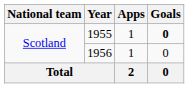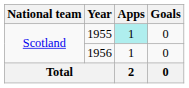 <table class="wikitable" style="text-align:center">
 <tr>
 <th>National team</th>
 <th>Year</th>
 <th>Apps</th>
 <th>Goals</th>
 </tr>
 <tr>
 <td rowspan="2"><a href='#'>Scotland</a></td>
 <td>1955</td>
-<td>1</td>
-<td><strong>0</strong></td>
+<td style="background: paleturquoise;">1</td>
+<td>0</td>
 </tr>
 <tr>
 <td>1956</td>
 <td>1</td>
 <td>0</td>
 </tr>
 <tr>
 <th colspan="2">Total</th>
 <th>2</th>
 <th>0</th>
 </tr>
 </table>
